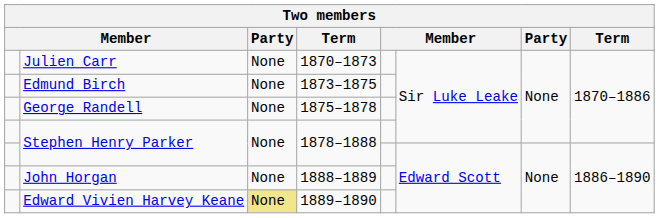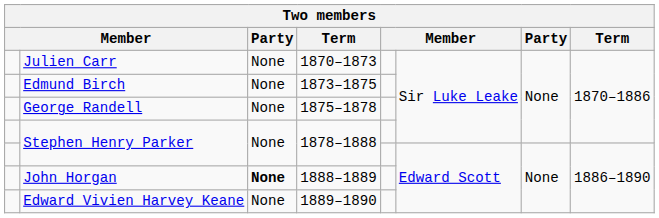 <table class="wikitable">
 <tr>
 <th colspan="8">Two members</th>
 </tr>
 <tr>
 <th colspan="2">Member</th>
 <th>Party</th>
 <th>Term</th>
 <th colspan="2">Member</th>
 <th>Party</th>
 <th>Term</th>
 </tr>
 <tr>
 <td> </td>
 <td><a href='#'>Julien Carr</a></td>
 <td>None</td>
 <td>1870–1873</td>
 <td> </td>
 <td rowspan="4">Sir <a href='#'>Luke Leake</a></td>
 <td rowspan="4">None</td>
 <td rowspan="4">1870–1886</td>
 </tr>
 <tr>
 <td> </td>
 <td><a href='#'>Edmund Birch</a></td>
 <td>None</td>
 <td>1873–1875</td>
 <td> </td>
 </tr>
 <tr>
 <td> </td>
 <td><a href='#'>George Randell</a></td>
 <td>None</td>
 <td>1875–1878</td>
 <td> </td>
 </tr>
 <tr>
 <td> </td>
 <td rowspan="2"><a href='#'>Stephen Henry Parker</a></td>
 <td rowspan="2">None</td>
 <td rowspan="2">1878–1888</td>
 <td> </td>
 </tr>
 <tr>
 <td> </td>
 <td> </td>
 <td rowspan="3"><a href='#'>Edward Scott</a></td>
 <td rowspan="3">None</td>
 <td rowspan="3">1886–1890</td>
 </tr>
 <tr>
 <td> </td>
 <td><a href='#'>John Horgan</a></td>
-<td>None</td>
+<td><strong>None</strong></td>
 <td>1888–1889</td>
 <td> </td>
 </tr>
 <tr>
 <td> </td>
 <td><a href='#'>Edward Vivien Harvey Keane</a></td>
-<td style="background: khaki;">None</td>
+<td>None</td>
 <td>1889–1890</td>
 <td> </td>
 </tr>
 </table>
